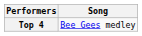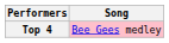 <table class="wikitable unsortable" style="text-align:center;">
 <tr>
 <th scope="col">Performers</th>
 <th scope="col">Song</th>
 </tr>
 <tr>
 <th scope="row">Top 4</th>
-<td><a href='#'>Bee Gees</a> medley</td>
+<td style="background: pink;"><a href='#'>Bee Gees</a> medley</td>
 </tr>
 </table>
